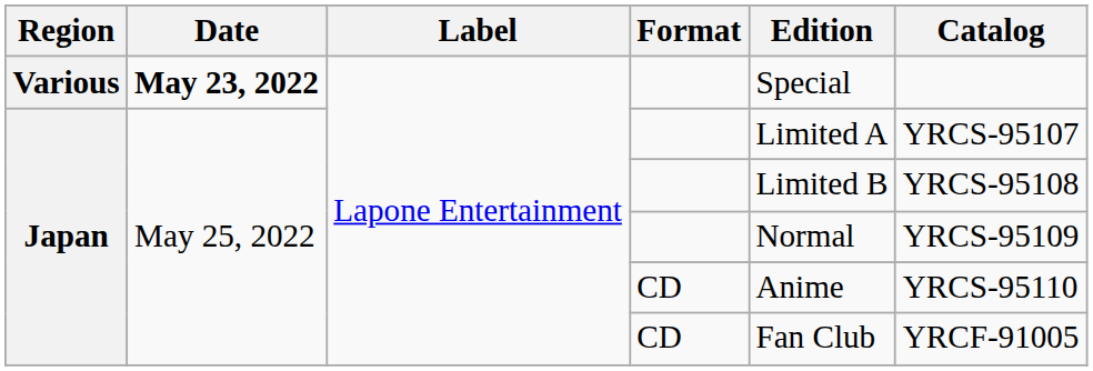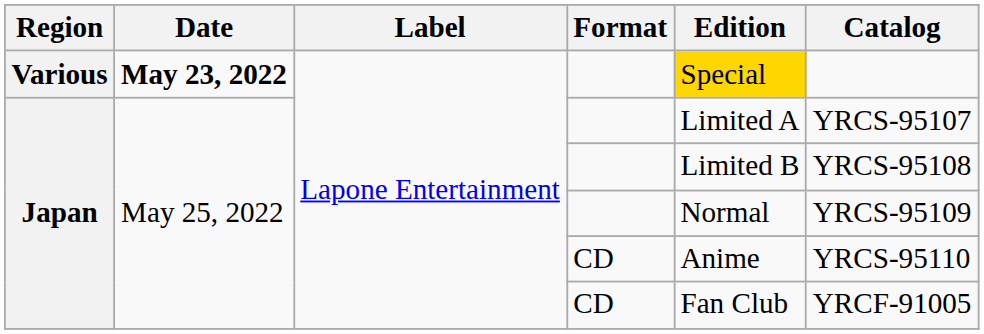 <table class="wikitable plainrowheaders">
 <tr>
 <th>Region</th>
 <th>Date</th>
 <th>Label</th>
 <th>Format</th>
 <th>Edition</th>
 <th>Catalog</th>
 </tr>
 <tr>
 <th scope="row">Various</th>
 <td><strong>May 23, 2022</strong></td>
 <td rowspan="6"><a href='#'>Lapone Entertainment</a></td>
 <td></td>
-<td>Special</td>
+<td style="background: gold;">Special</td>
 <td></td>
 </tr>
 <tr>
 <th rowspan="5" scope="row">Japan</th>
 <td rowspan="5">May 25, 2022</td>
 <td></td>
 <td>Limited A</td>
 <td>YRCS-95107</td>
 </tr>
 <tr>
 <td></td>
 <td>Limited B</td>
 <td>YRCS-95108</td>
 </tr>
 <tr>
 <td></td>
 <td>Normal</td>
 <td>YRCS-95109</td>
 </tr>
 <tr>
 <td>CD</td>
 <td>Anime</td>
 <td>YRCS-95110</td>
 </tr>
 <tr>
 <td>CD</td>
 <td>Fan Club</td>
 <td>YRCF-91005</td>
 </tr>
 </table>
